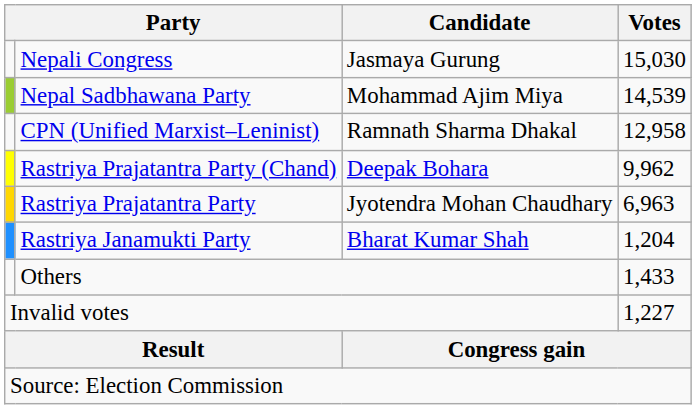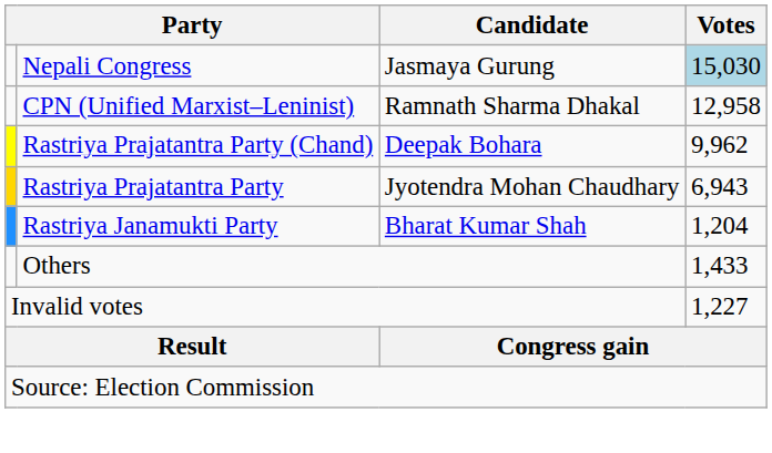 <table class="wikitable">
 <tr>
 <th colspan="2">Party</th>
 <th>Candidate</th>
 <th>Votes</th>
 </tr>
 <tr>
 <td style="background-color:"></td>
 <td><a href='#'>Nepali Congress</a></td>
 <td>Jasmaya Gurung</td>
-<td>15,030</td>
-</tr>
-<tr>
-<td style="background-color:yellowgreen"></td>
-<td><a href='#'>Nepal Sadbhawana Party</a></td>
-<td>Mohammad Ajim Miya</td>
-<td>14,539</td>
+<td style="background: lightblue;">15,030</td>
 </tr>
 <tr>
 <td style="background-color:"></td>
 <td><a href='#'>CPN (Unified Marxist–Leninist)</a></td>
 <td>Ramnath Sharma Dhakal</td>
 <td>12,958</td>
 </tr>
 <tr>
 <td style="background-color:yellow"></td>
 <td><a href='#'>Rastriya Prajatantra Party (Chand)</a></td>
 <td><a href='#'>Deepak Bohara</a></td>
 <td>9,962</td>
 </tr>
 <tr>
 <td style="background-color:gold"></td>
 <td><a href='#'>Rastriya Prajatantra Party</a></td>
 <td>Jyotendra Mohan Chaudhary</td>
-<td>6,963</td>
+<td>6,943</td>
 </tr>
 <tr>
 <td style="background-color:dodgerblue"></td>
 <td><a href='#'>Rastriya Janamukti Party</a></td>
 <td><a href='#'>Bharat Kumar Shah</a></td>
 <td>1,204</td>
 </tr>
 <tr>
 <td></td>
 <td colspan="2">Others</td>
 <td>1,433</td>
 </tr>
 <tr>
 <td colspan="3">Invalid votes</td>
 <td>1,227</td>
 </tr>
 <tr>
 <th colspan="2">Result</th>
 <th colspan="2">Congress gain</th>
 </tr>
 <tr>
 <td colspan="4">Source: Election Commission</td>
 </tr>
 </table>
